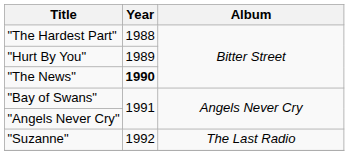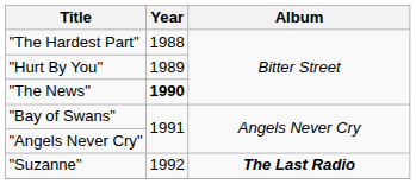 <table class="wikitable" style="text-align:center;">
 <tr>
 <th scope="col">Title</th>
 <th scope="col">Year</th>
 <th scope="col" width="220">Album</th>
 </tr>
 <tr>
 <td align="left">"The Hardest Part"</td>
 <td>1988</td>
 <td rowspan="3"><em>Bitter Street</em></td>
 </tr>
 <tr>
 <td align="left">"Hurt By You"</td>
 <td>1989</td>
 </tr>
 <tr>
 <td align="left">"The News"</td>
 <td><strong>1990</strong></td>
 </tr>
 <tr>
 <td align="left">"Bay of Swans"</td>
 <td rowspan="2">1991</td>
 <td rowspan="2"><em>Angels Never Cry</em></td>
 </tr>
 <tr>
 <td align="left">"Angels Never Cry"</td>
 </tr>
 <tr>
 <td align="left">"Suzanne"</td>
 <td>1992</td>
-<td><em>The Last Radio</em></td>
+<td><strong><em>The Last Radio</em></strong></td>
 </tr>
 <tr>
 </tr>
 </table>
